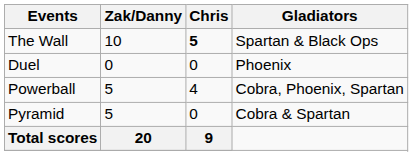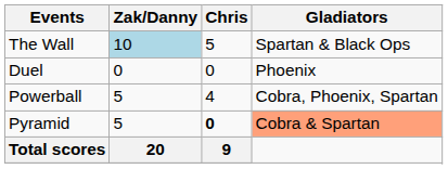 <table class="wikitable">
 <tr>
 <th>Events</th>
 <th>Zak/Danny</th>
 <th>Chris</th>
 <th>Gladiators</th>
 </tr>
 <tr>
 <td>The Wall</td>
-<td>10</td>
-<td><strong>5</strong></td>
+<td style="background: lightblue;">10</td>
+<td>5</td>
 <td>Spartan & Black Ops</td>
 </tr>
 <tr>
 <td>Duel</td>
 <td>0</td>
 <td>0</td>
 <td>Phoenix</td>
 </tr>
 <tr>
 <td>Powerball</td>
 <td>5</td>
 <td>4</td>
 <td>Cobra, Phoenix, Spartan</td>
 </tr>
 <tr>
 <td>Pyramid</td>
 <td>5</td>
-<td>0</td>
-<td>Cobra & Spartan</td>
+<td><strong>0</strong></td>
+<td style="background: lightsalmon;">Cobra & Spartan</td>
 </tr>
 <tr>
 <th>Total scores</th>
 <th>20</th>
 <th>9</th>
 </tr>
 <tr>
 </tr>
 </table>
